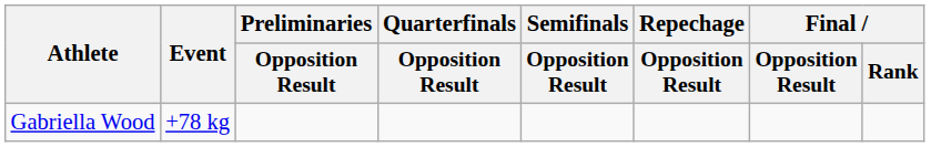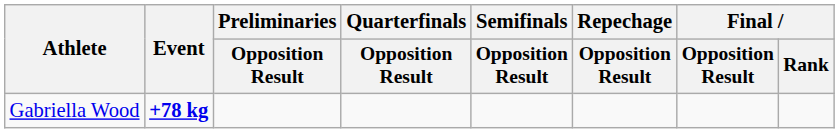 <table class="wikitable" style="font-size:90%">
 <tr>
 <th rowspan=2>Athlete</th>
 <th rowspan=2>Event</th>
 <th>Preliminaries</th>
 <th>Quarterfinals</th>
 <th>Semifinals</th>
 <th>Repechage</th>
 <th colspan=2>Final / </th>
 </tr>
 <tr style="font-size:95%">
 <th>Opposition<br>Result</th>
 <th>Opposition<br>Result</th>
 <th>Opposition<br>Result</th>
 <th>Opposition<br>Result</th>
 <th>Opposition<br>Result</th>
 <th>Rank</th>
 </tr>
 <tr align=center>
 <td align=left><a href='#'>Gabriella Wood</a></td>
-<td align=left><a href='#'>+78 kg</a></td>
+<td align=left><strong><a href='#'>+78 kg</a></strong></td>
 <td></td>
 <td></td>
 <td></td>
 <td></td>
 <td></td>
 <td></td>
 </tr>
 </table>
